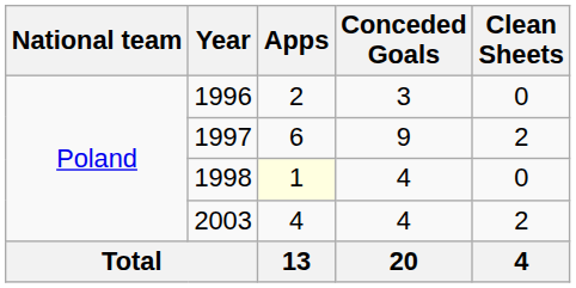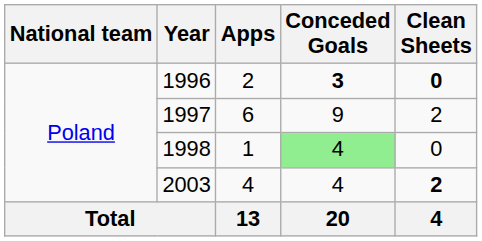 <table class="wikitable" style="text-align:center">
 <tr>
 <th>National team</th>
 <th>Year</th>
 <th>Apps</th>
 <th>Conceded<br>Goals</th>
 <th>Clean<br>Sheets</th>
 </tr>
 <tr>
 <td rowspan="4" style="vertical-align:center;"><a href='#'>Poland</a></td>
 <td>1996</td>
 <td>2</td>
-<td>3</td>
-<td>0</td>
+<td><strong>3</strong></td>
+<td><strong>0</strong></td>
 </tr>
 <tr>
 <td>1997</td>
 <td>6</td>
 <td>9</td>
 <td>2</td>
 </tr>
 <tr>
 <td>1998</td>
-<td style="background: lightyellow;">1</td>
-<td>4</td>
+<td>1</td>
+<td style="background: lightgreen;">4</td>
 <td>0</td>
 </tr>
 <tr>
 <td>2003</td>
 <td>4</td>
 <td>4</td>
-<td>2</td>
+<td><strong>2</strong></td>
 </tr>
 <tr>
 <th colspan="2">Total</th>
 <th>13</th>
 <th>20</th>
 <th>4</th>
 </tr>
 </table>
